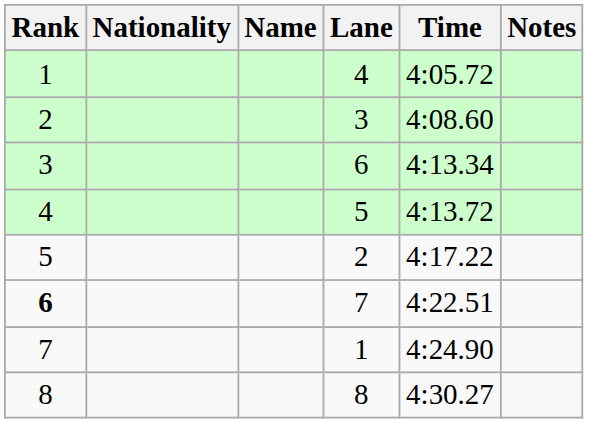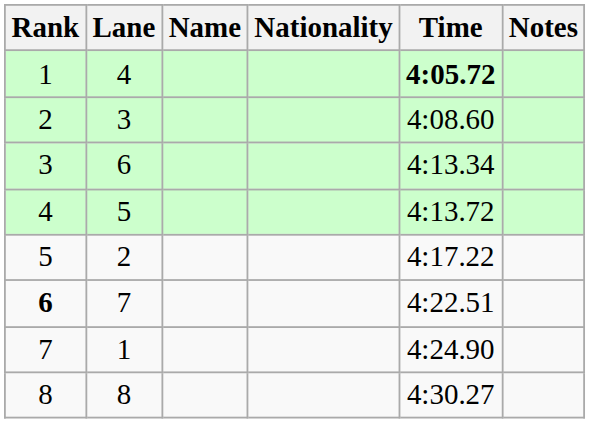 <table class="wikitable sortable" style="text-align:center">
 <tr>
 <th>Rank</th>
+<th>Lane</th>
+<th>Name</th>
 <th>Nationality</th>
-<th>Name</th>
-<th>Lane</th>
 <th>Time</th>
 <th>Notes</th>
 </tr>
 <tr bgcolor=ccffcc>
 <td>1</td>
+<td>4</td>
 <td align=left></td>
 <td align=left></td>
-<td>4</td>
-<td>4:05.72</td>
+<td><strong>4:05.72</strong></td>
 <td><strong></strong></td>
 </tr>
 <tr bgcolor=ccffcc>
 <td>2</td>
+<td>3</td>
 <td align=left></td>
 <td align=left></td>
-<td>3</td>
 <td>4:08.60</td>
 <td><strong></strong></td>
 </tr>
 <tr bgcolor=ccffcc>
 <td>3</td>
+<td>6</td>
 <td align=left></td>
 <td align=left></td>
-<td>6</td>
 <td>4:13.34</td>
 <td><strong></strong></td>
 </tr>
 <tr bgcolor=ccffcc>
 <td>4</td>
+<td>5</td>
 <td align=left></td>
 <td align=left></td>
-<td>5</td>
 <td>4:13.72</td>
 <td><strong></strong></td>
 </tr>
 <tr>
 <td>5</td>
+<td>2</td>
 <td align=left></td>
 <td align=left></td>
-<td>2</td>
 <td>4:17.22</td>
 <td></td>
 </tr>
 <tr>
 <td><strong>6</strong></td>
+<td>7</td>
 <td align=left></td>
 <td align=left></td>
-<td>7</td>
 <td>4:22.51</td>
 <td></td>
 </tr>
 <tr>
 <td>7</td>
+<td>1</td>
 <td align=left></td>
 <td align=left></td>
-<td>1</td>
 <td>4:24.90</td>
 <td></td>
 </tr>
 <tr>
 <td>8</td>
+<td>8</td>
 <td align=left></td>
 <td align=left></td>
-<td>8</td>
 <td>4:30.27</td>
 <td></td>
 </tr>
 </table>
